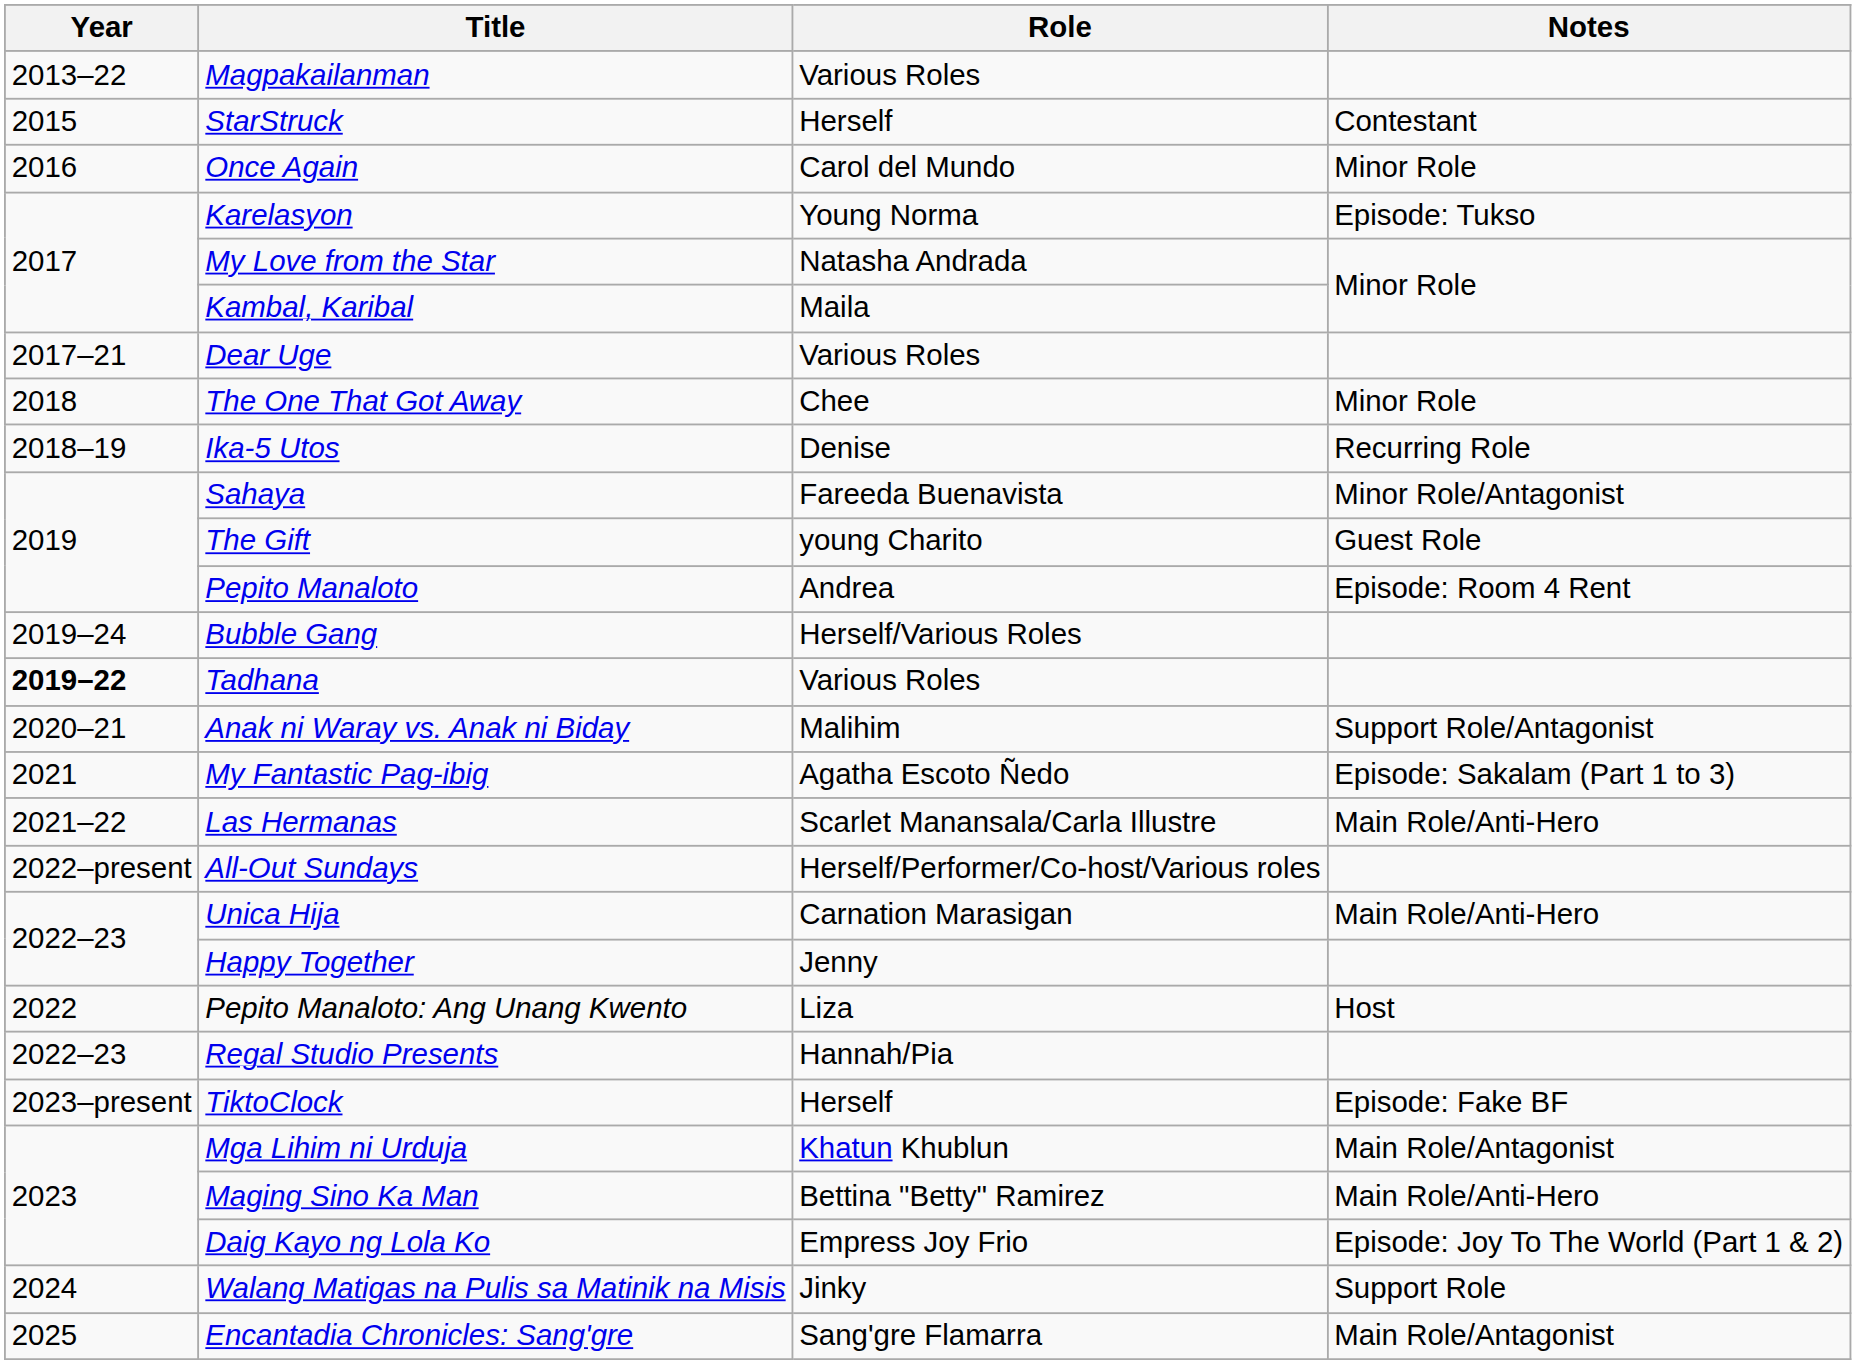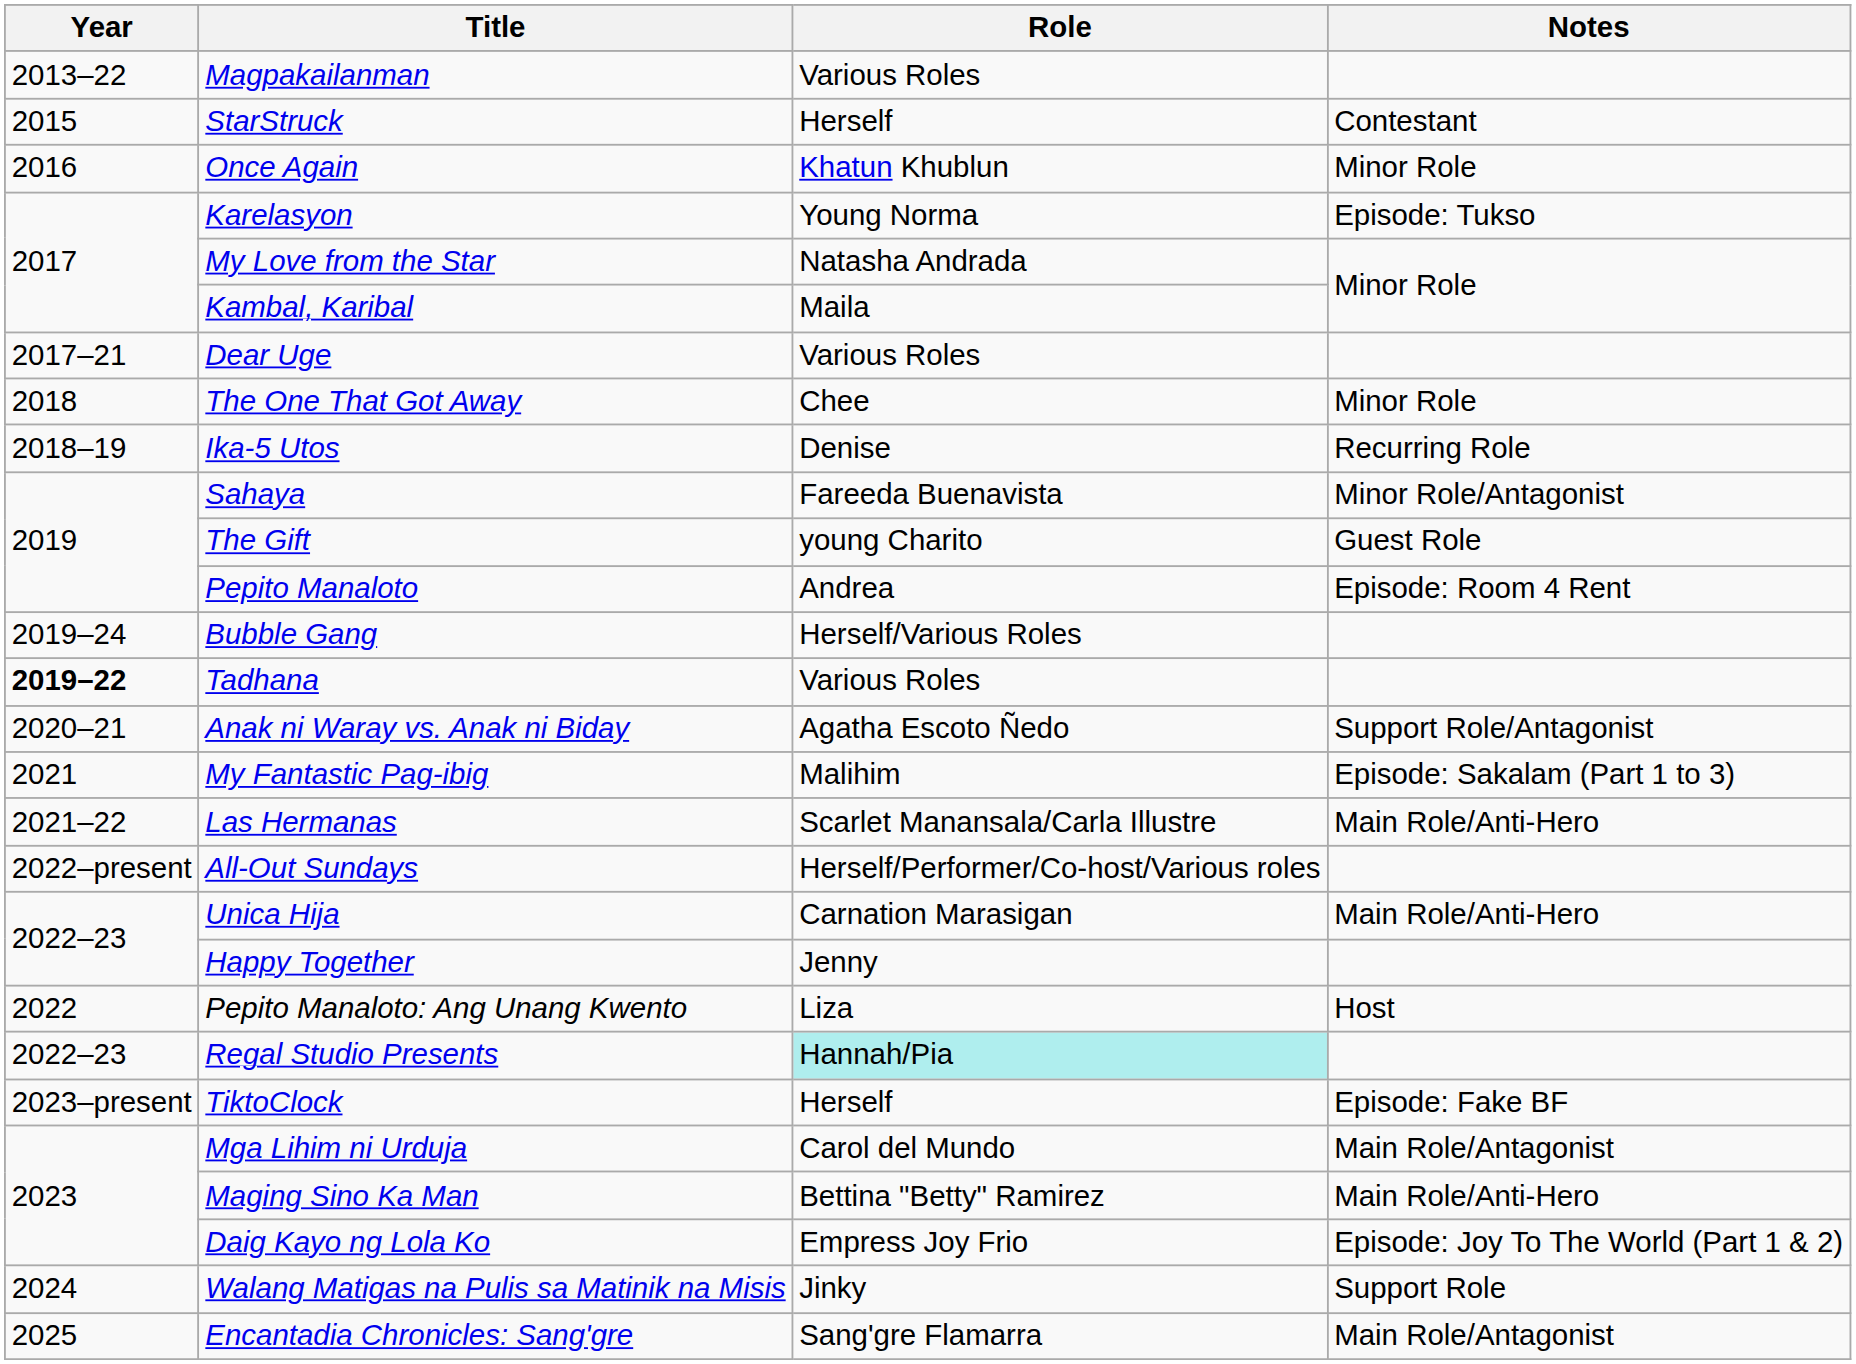 <table class="wikitable">
 <tr>
 <th>Year</th>
 <th>Title</th>
 <th>Role</th>
 <th>Notes</th>
 </tr>
 <tr>
 <td>2013–22</td>
 <td><em><a href='#'>Magpakailanman</a></em></td>
 <td>Various Roles</td>
 <td></td>
 </tr>
 <tr>
 <td>2015</td>
 <td><em><a href='#'>StarStruck</a></em></td>
 <td>Herself</td>
 <td>Contestant</td>
 </tr>
 <tr>
 <td>2016</td>
 <td><em><a href='#'>Once Again</a></em></td>
-<td>Carol del Mundo</td>
+<td><a href='#'>Khatun</a> Khublun</td>
 <td>Minor Role</td>
 </tr>
 <tr>
 <td rowspan="3">2017</td>
 <td><em><a href='#'>Karelasyon</a></em></td>
 <td>Young Norma</td>
 <td>Episode: Tukso</td>
 </tr>
 <tr>
 <td><em><a href='#'>My Love from the Star</a></em></td>
 <td>Natasha Andrada</td>
 <td rowspan="2">Minor Role</td>
 </tr>
 <tr>
 <td><em><a href='#'>Kambal, Karibal</a></em></td>
 <td>Maila</td>
 </tr>
 <tr>
 <td>2017–21</td>
 <td><em><a href='#'>Dear Uge</a></em></td>
 <td>Various Roles</td>
 <td></td>
 </tr>
 <tr>
 <td>2018</td>
 <td><em><a href='#'>The One That Got Away</a></em></td>
 <td>Chee</td>
 <td>Minor Role</td>
 </tr>
 <tr>
 <td>2018–19</td>
 <td><em><a href='#'>Ika-5 Utos</a></em></td>
 <td>Denise</td>
 <td>Recurring Role</td>
 </tr>
 <tr>
 <td rowspan="3">2019</td>
 <td><em><a href='#'>Sahaya</a></em></td>
 <td>Fareeda Buenavista</td>
 <td>Minor Role/Antagonist</td>
 </tr>
 <tr>
 <td><em><a href='#'>The Gift</a></em></td>
 <td>young Charito</td>
 <td>Guest Role</td>
 </tr>
 <tr>
 <td><em><a href='#'>Pepito Manaloto</a></em></td>
 <td>Andrea</td>
 <td>Episode: Room 4 Rent</td>
 </tr>
 <tr>
 <td>2019–24</td>
 <td><em><a href='#'>Bubble Gang</a></em></td>
 <td>Herself/Various Roles</td>
 <td></td>
 </tr>
 <tr>
 <td><strong>2019–22</strong></td>
 <td><em><a href='#'>Tadhana</a></em></td>
 <td>Various Roles</td>
 <td></td>
 </tr>
 <tr>
 <td>2020–21</td>
 <td><em><a href='#'>Anak ni Waray vs. Anak ni Biday</a></em></td>
-<td>Malihim</td>
+<td>Agatha Escoto Ñedo</td>
 <td>Support Role/Antagonist</td>
 </tr>
 <tr>
 <td>2021</td>
 <td><em><a href='#'>My Fantastic Pag-ibig</a></em></td>
-<td>Agatha Escoto Ñedo</td>
+<td>Malihim</td>
 <td>Episode: Sakalam (Part 1 to 3)</td>
 </tr>
 <tr>
 <td>2021–22</td>
 <td><em><a href='#'>Las Hermanas</a></em></td>
 <td>Scarlet Manansala/Carla Illustre</td>
 <td>Main Role/Anti-Hero</td>
 </tr>
 <tr>
 <td>2022–present</td>
 <td><em><a href='#'>All-Out Sundays</a></em></td>
 <td>Herself/Performer/Co-host/Various roles</td>
 </tr>
 <tr>
 <td rowspan="2">2022–23</td>
 <td><em><a href='#'>Unica Hija</a></em></td>
 <td>Carnation Marasigan</td>
 <td>Main Role/Anti-Hero</td>
 </tr>
 <tr>
 <td><a href='#'><em>Happy Together</em></a></td>
 <td>Jenny</td>
 <td></td>
 </tr>
 <tr>
 <td>2022</td>
 <td><em>Pepito Manaloto: Ang Unang Kwento</em></td>
 <td>Liza</td>
 <td>Host</td>
 </tr>
 <tr>
 <td>2022–23</td>
 <td><em><a href='#'>Regal Studio Presents</a></em></td>
-<td>Hannah/Pia</td>
+<td style="background: paleturquoise;">Hannah/Pia</td>
 <td></td>
 </tr>
 <tr>
 <td>2023–present</td>
 <td><em><a href='#'>TiktoClock</a></em></td>
 <td>Herself</td>
 <td>Episode: Fake BF</td>
 </tr>
 <tr>
 <td rowspan="3">2023</td>
 <td><em><a href='#'>Mga Lihim ni Urduja</a></em></td>
-<td><a href='#'>Khatun</a> Khublun</td>
+<td>Carol del Mundo</td>
 <td>Main Role/Antagonist</td>
 </tr>
 <tr>
 <td><em><a href='#'>Maging Sino Ka Man</a></em></td>
 <td>Bettina "Betty" Ramirez</td>
 <td>Main Role/Anti-Hero</td>
 </tr>
 <tr>
 <td><em><a href='#'>Daig Kayo ng Lola Ko</a></em></td>
 <td>Empress Joy Frio</td>
 <td>Episode: Joy To The World (Part 1 & 2)</td>
 </tr>
 <tr>
 <td>2024</td>
 <td><em><a href='#'>Walang Matigas na Pulis sa Matinik na Misis</a></em></td>
 <td>Jinky</td>
 <td>Support Role</td>
 </tr>
 <tr>
 <td>2025</td>
 <td><em><a href='#'>Encantadia Chronicles: Sang'gre</a></em></td>
 <td>Sang'gre Flamarra</td>
 <td>Main Role/Antagonist</td>
 </tr>
 </table>
